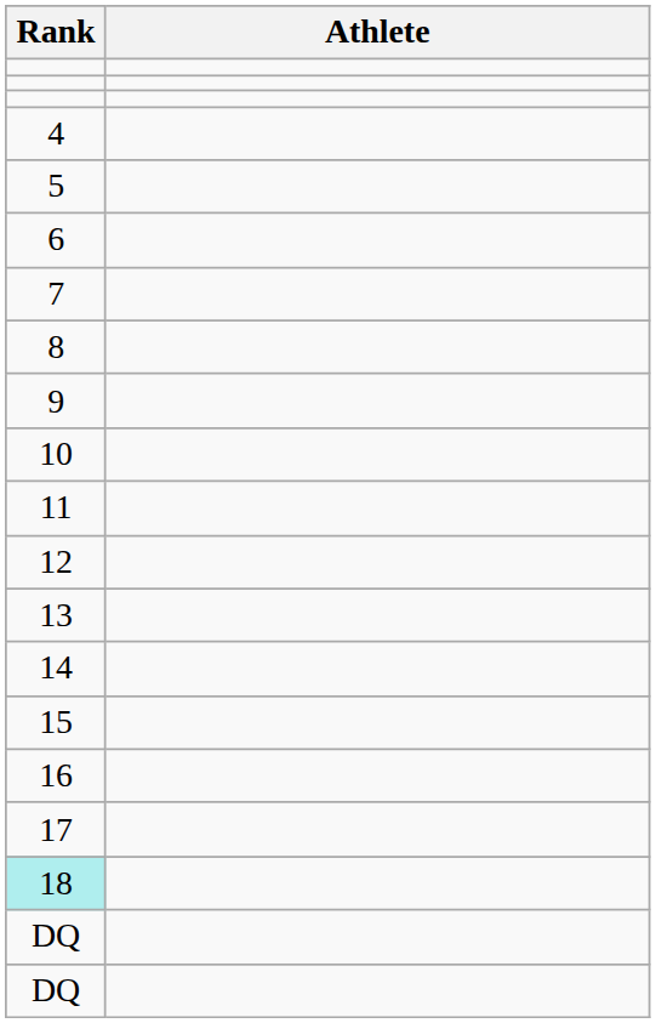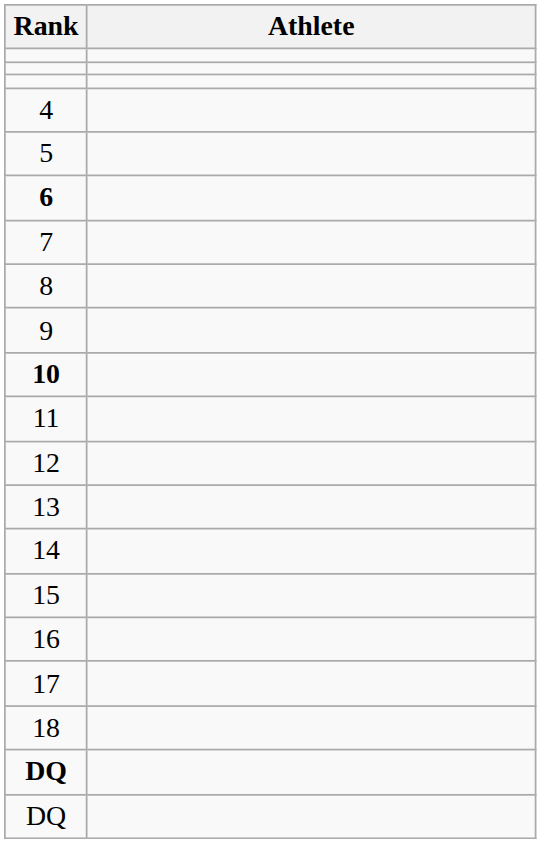 <table class="wikitable" style="text-align: center;">
 <tr>
 <th width=40>Rank</th>
 <th width=250>Athlete</th>
 </tr>
 <tr>
 <td></td>
 <td align="left"></td>
 </tr>
 <tr>
 <td></td>
 <td align="left"></td>
 </tr>
 <tr>
 <td></td>
 <td align="left"></td>
 </tr>
 <tr>
 <td>4</td>
 <td align="left"></td>
 </tr>
 <tr>
 <td>5</td>
 <td align="left"></td>
 </tr>
 <tr>
-<td>6</td>
+<td><strong>6</strong></td>
 <td align="left"></td>
 </tr>
 <tr>
 <td>7</td>
 <td align="left"></td>
 </tr>
 <tr>
 <td>8</td>
 <td align="left"></td>
 </tr>
 <tr>
 <td>9</td>
 <td align="left"></td>
 </tr>
 <tr>
-<td>10</td>
+<td><strong>10</strong></td>
 <td align="left"></td>
 </tr>
 <tr>
 <td>11</td>
 <td align="left"></td>
 </tr>
 <tr>
 <td>12</td>
 <td align="left"></td>
 </tr>
 <tr>
 <td>13</td>
 <td align="left"></td>
 </tr>
 <tr>
 <td>14</td>
 <td align="left"></td>
 </tr>
 <tr>
 <td>15</td>
 <td align="left"></td>
 </tr>
 <tr>
 <td>16</td>
 <td align="left"></td>
 </tr>
 <tr>
 <td>17</td>
 <td align="left"></td>
 </tr>
 <tr>
-<td style="background: paleturquoise;">18</td>
+<td>18</td>
 <td align="left"></td>
 </tr>
 <tr>
-<td>DQ</td>
+<td><strong>DQ</strong></td>
 <td align="left"></td>
 </tr>
 <tr>
 <td>DQ</td>
 <td align="left"></td>
 </tr>
 </table>
